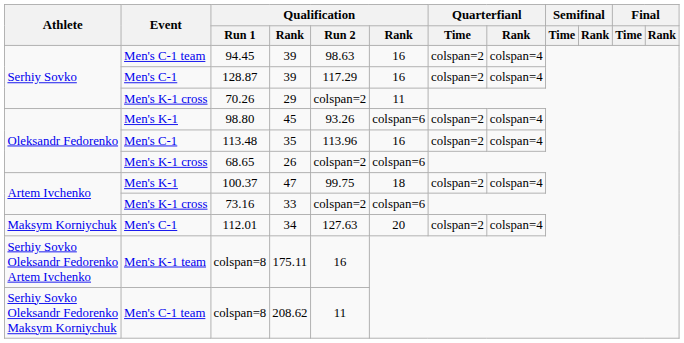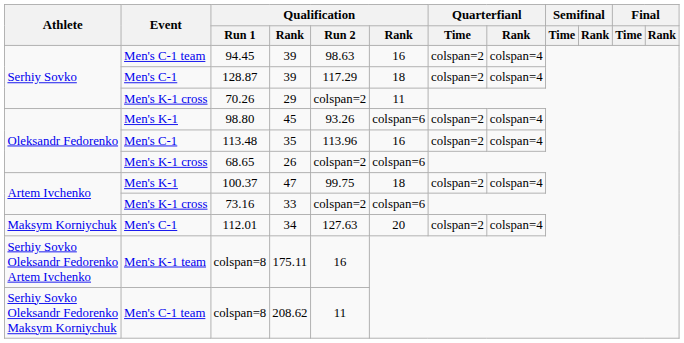 <table class="wikitable" style="font-size:90%">
 <tr>
 <th rowspan=2>Athlete</th>
 <th rowspan=2>Event</th>
 <th colspan=4>Qualification</th>
 <th colspan=2>Quarterfianl</th>
 <th colspan=2>Semifinal</th>
 <th colspan=2>Final</th>
 </tr>
 <tr style="font-size:95%">
 <th>Run 1</th>
 <th>Rank</th>
 <th>Run 2</th>
 <th>Rank</th>
 <th>Time</th>
 <th>Rank</th>
 <th>Time</th>
 <th>Rank</th>
 <th>Time</th>
 <th>Rank</th>
 </tr>
 <tr align=center>
 <td rowspan="3" align="left"><a href='#'>Serhiy Sovko</a></td>
 <td align=left><a href='#'>Men's C-1 team</a></td>
 <td>94.45</td>
 <td>39</td>
 <td>98.63</td>
 <td>16</td>
 <td>colspan=2 </td>
 <td>colspan=4 </td>
 </tr>
 <tr align=center>
 <td align=left><a href='#'>Men's C-1</a></td>
 <td>128.87</td>
 <td>39</td>
 <td>117.29</td>
-<td>16</td>
+<td>18</td>
 <td>colspan=2 </td>
 <td>colspan=4 </td>
 </tr>
 <tr align=center>
 <td align=left><a href='#'>Men's K-1 cross</a></td>
 <td>70.26</td>
 <td>29</td>
 <td>colspan=2 </td>
 <td>11</td>
 </tr>
 <tr align=center>
 <td rowspan="3" align="left"><a href='#'>Oleksandr Fedorenko</a></td>
 <td align=left><a href='#'>Men's K-1</a></td>
 <td>98.80</td>
 <td>45</td>
 <td>93.26</td>
 <td>colspan=6 </td>
 <td>colspan=2 </td>
 <td>colspan=4 </td>
 </tr>
 <tr align=center>
 <td align=left><a href='#'>Men's C-1</a></td>
 <td>113.48</td>
 <td>35</td>
 <td>113.96</td>
 <td>16</td>
 <td>colspan=2 </td>
 <td>colspan=4 </td>
 </tr>
 <tr align=center>
 <td align=left><a href='#'>Men's K-1 cross</a></td>
 <td>68.65</td>
 <td>26</td>
 <td>colspan=2 </td>
 <td>colspan=6 </td>
 </tr>
 <tr align=center>
 <td rowspan="2" align="left"><a href='#'>Artem Ivchenko</a></td>
 <td align=left><a href='#'>Men's K-1</a></td>
 <td>100.37</td>
 <td>47</td>
 <td>99.75</td>
 <td>18</td>
 <td>colspan=2 </td>
 <td>colspan=4 </td>
 </tr>
 <tr align=center>
 <td align=left><a href='#'>Men's K-1 cross</a></td>
 <td>73.16</td>
 <td>33</td>
 <td>colspan=2 </td>
 <td>colspan=6 </td>
 </tr>
 <tr align=center>
 <td align="left"><a href='#'>Maksym Korniychuk</a></td>
 <td align=left><a href='#'>Men's C-1</a></td>
 <td>112.01</td>
 <td>34</td>
 <td>127.63</td>
 <td>20</td>
 <td>colspan=2 </td>
 <td>colspan=4 </td>
 </tr>
 <tr align=center>
 <td align="left"><a href='#'>Serhiy Sovko</a><br><a href='#'>Oleksandr Fedorenko</a><br><a href='#'>Artem Ivchenko</a></td>
 <td align=left><a href='#'>Men's K-1 team</a></td>
 <td>colspan=8 </td>
 <td>175.11</td>
 <td>16</td>
 </tr>
 <tr align=center>
 <td align="left"><a href='#'>Serhiy Sovko</a><br><a href='#'>Oleksandr Fedorenko</a><br><a href='#'>Maksym Korniychuk</a></td>
 <td align=left><a href='#'>Men's C-1 team</a></td>
 <td>colspan=8 </td>
 <td>208.62</td>
 <td>11</td>
 </tr>
 </table>
